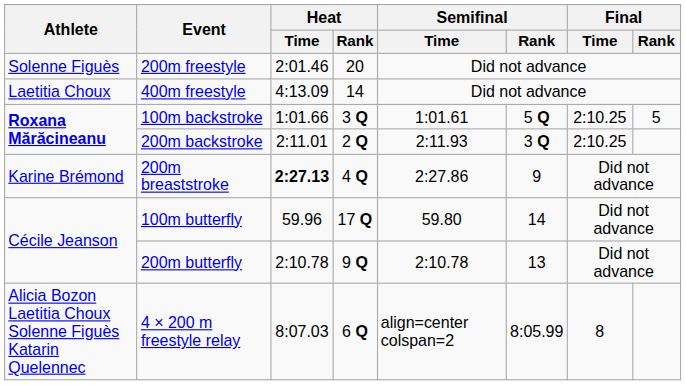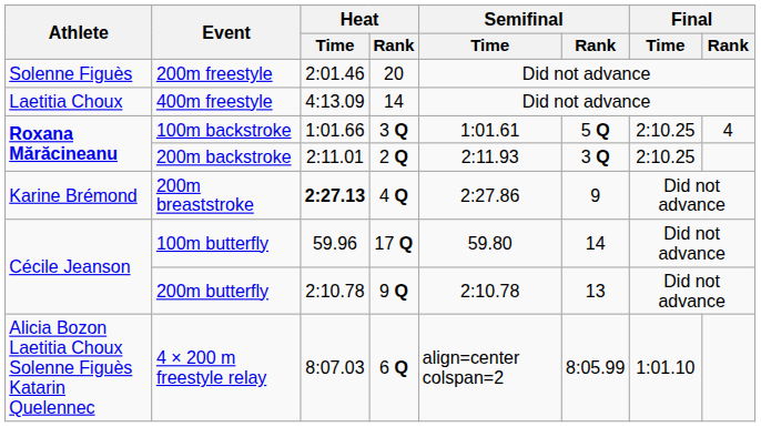 <table class=wikitable style="font-size:90%">
 <tr>
 <th rowspan="2">Athlete</th>
 <th rowspan="2">Event</th>
 <th colspan="2">Heat</th>
 <th colspan="2">Semifinal</th>
 <th colspan="2">Final</th>
 </tr>
 <tr style="font-size:95%">
 <th>Time</th>
 <th>Rank</th>
 <th>Time</th>
 <th>Rank</th>
 <th>Time</th>
 <th>Rank</th>
 </tr>
 <tr>
 <td align=left><a href='#'>Solenne Figuès</a></td>
 <td align=left><a href='#'>200m freestyle</a></td>
 <td align=center>2:01.46</td>
 <td align=center>20</td>
 <td align=center colspan=4>Did not advance</td>
 </tr>
 <tr>
 <td align=left><a href='#'>Laetitia Choux</a></td>
 <td align=left><a href='#'>400m freestyle</a></td>
 <td align=center>4:13.09</td>
 <td align=center>14</td>
 <td align=center colspan=4>Did not advance</td>
 </tr>
 <tr>
 <td align=left rowspan=2><strong><a href='#'>Roxana Mărăcineanu</a></strong></td>
 <td align=left><a href='#'>100m backstroke</a></td>
 <td align=center>1:01.66</td>
 <td align=center>3 <strong>Q</strong></td>
 <td align=center>1:01.61</td>
 <td align=center>5 <strong>Q</strong></td>
 <td align=center>2:10.25</td>
-<td align=center>5</td>
+<td align=center>4</td>
 </tr>
 <tr>
 <td align=left><a href='#'>200m backstroke</a></td>
 <td align=center>2:11.01</td>
 <td align=center>2 <strong>Q</strong></td>
 <td align=center>2:11.93</td>
 <td align=center>3 <strong>Q</strong></td>
 <td align=center>2:10.25</td>
 <td align=center></td>
 </tr>
 <tr>
 <td align=left><a href='#'>Karine Brémond</a></td>
 <td align=left><a href='#'>200m breaststroke</a></td>
 <td align=center><strong>2:27.13</strong></td>
 <td align=center>4 <strong>Q</strong></td>
 <td align=center>2:27.86</td>
 <td align=center>9</td>
 <td align=center colspan=2>Did not advance</td>
 </tr>
 <tr>
 <td align=left rowspan=2><a href='#'>Cécile Jeanson</a></td>
 <td align=left><a href='#'>100m butterfly</a></td>
 <td align=center>59.96</td>
 <td align=center>17 <strong>Q</strong></td>
 <td align=center>59.80</td>
 <td align=center>14</td>
 <td align=center colspan=2>Did not advance</td>
 </tr>
 <tr>
 <td align=left><a href='#'>200m butterfly</a></td>
 <td align=center>2:10.78</td>
 <td align=center>9 <strong>Q</strong></td>
 <td align=center>2:10.78</td>
 <td align=center>13</td>
 <td align=center colspan=2>Did not advance</td>
 </tr>
 <tr>
 <td align=left><a href='#'>Alicia Bozon</a><br> <a href='#'>Laetitia Choux</a><br> <a href='#'>Solenne Figuès</a><br> <a href='#'>Katarin Quelennec</a></td>
 <td align=left><a href='#'>4 × 200 m freestyle relay</a></td>
 <td align=center>8:07.03</td>
 <td align=center>6 <strong>Q</strong></td>
 <td>align=center colspan=2 </td>
 <td align=center>8:05.99</td>
-<td align=center>8</td>
+<td align=center>1:01.10</td>
 </tr>
 </table>
